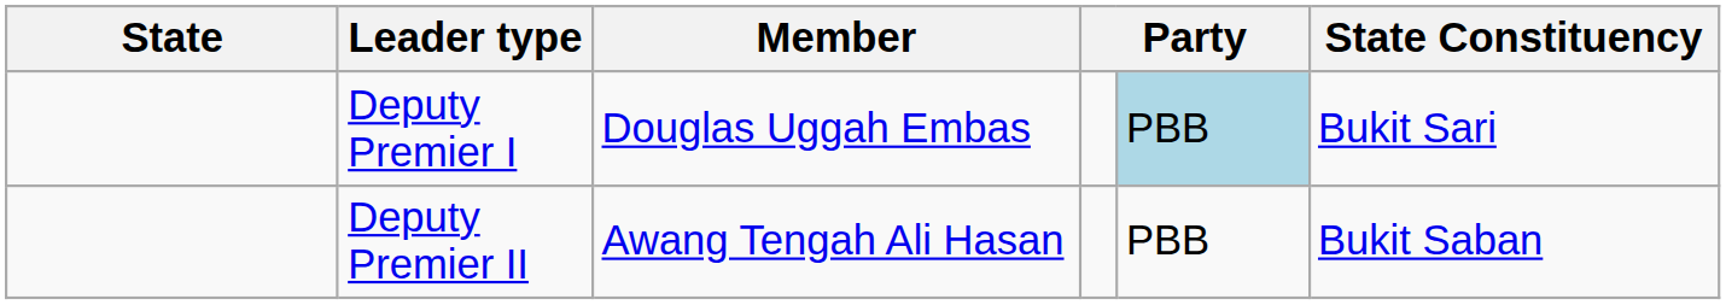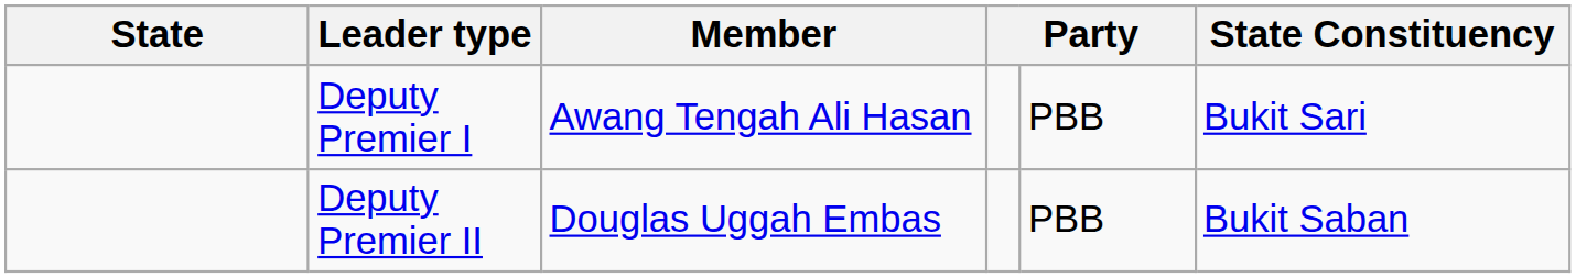 <table class ="wikitable sortable">
 <tr>
 <th style="width:120px;">State</th>
 <th style="width:90px;">Leader type</th>
 <th style="width:180px;">Member</th>
 <th style="width:80px;" colspan=2>Party</th>
 <th style="width:150px;">State Constituency</th>
 </tr>
 <tr>
 <td></td>
 <td><a href='#'>Deputy Premier I</a></td>
-<td><a href='#'>Douglas Uggah Embas</a></td>
+<td><a href='#'>Awang Tengah Ali Hasan</a></td>
 <td></td>
-<td style="background: lightblue;">PBB</td>
+<td>PBB</td>
 <td><a href='#'>Bukit Sari</a></td>
 </tr>
 <tr>
 <td></td>
 <td><a href='#'>Deputy Premier II</a></td>
-<td><a href='#'>Awang Tengah Ali Hasan</a></td>
+<td><a href='#'>Douglas Uggah Embas</a></td>
 <td></td>
 <td>PBB</td>
 <td><a href='#'>Bukit Saban</a></td>
 </tr>
 </table>
